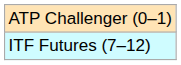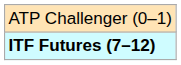 <table class=wikitable style=font-size:97%>
 <tr bgcolor=moccasin>
 <td>ATP Challenger (0–1)</td>
 </tr>
 <tr bgcolor=cffcff>
-<td>ITF Futures (7–12)</td>
+<td><strong>ITF Futures (7–12)</strong></td>
 </tr>
 </table>
